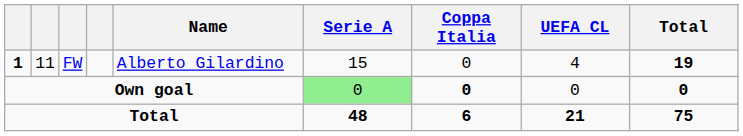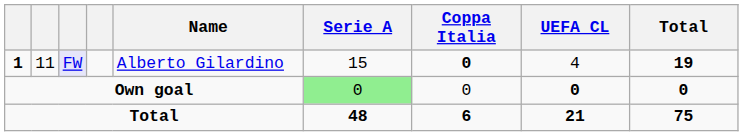 <table class="wikitable" style="text-align:center">
 <tr>
 <th width=15></th>
 <th width=15></th>
 <th width=15></th>
 <th width=15></th>
 <th width=145>Name</th>
 <th width=80><a href='#'>Serie A</a></th>
 <th width=80><a href='#'>Coppa Italia</a></th>
 <th width=80><a href='#'>UEFA CL</a></th>
 <th width=80>Total</th>
 </tr>
 <tr>
 <td><strong>1</strong></td>
 <td>11</td>
-<td><a href='#'>FW</a></td>
+<td style="background: lavender;"><a href='#'>FW</a></td>
 <td></td>
 <td align=left><a href='#'>Alberto Gilardino</a></td>
 <td>15</td>
-<td>0</td>
+<td><strong>0</strong></td>
 <td>4</td>
 <td><strong>19</strong></td>
 </tr>
 <tr>
 <td colspan=5><strong>Own goal</strong></td>
 <td style="background: lightgreen;">0</td>
+<td>0</td>
 <td><strong>0</strong></td>
-<td>0</td>
 <td><strong>0</strong></td>
 </tr>
 <tr>
 <td colspan=5><strong>Total</strong></td>
 <td><strong>48</strong></td>
 <td><strong>6</strong></td>
 <td><strong>21</strong></td>
 <td><strong>75</strong></td>
 </tr>
 </table>
